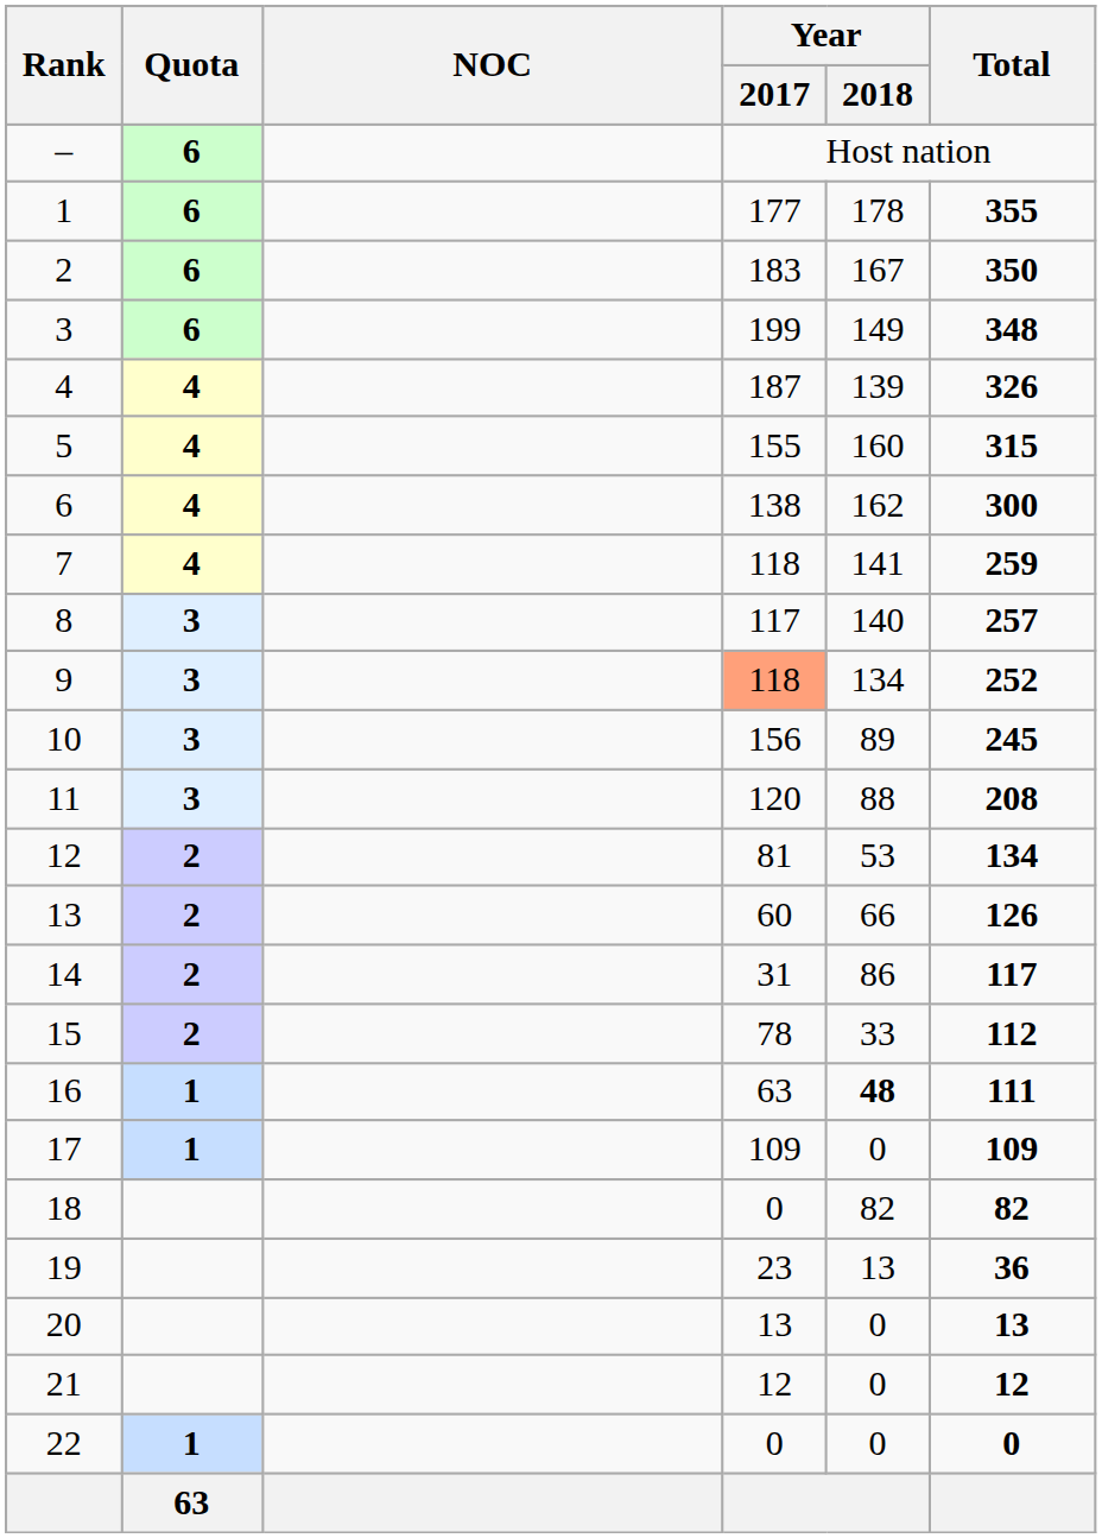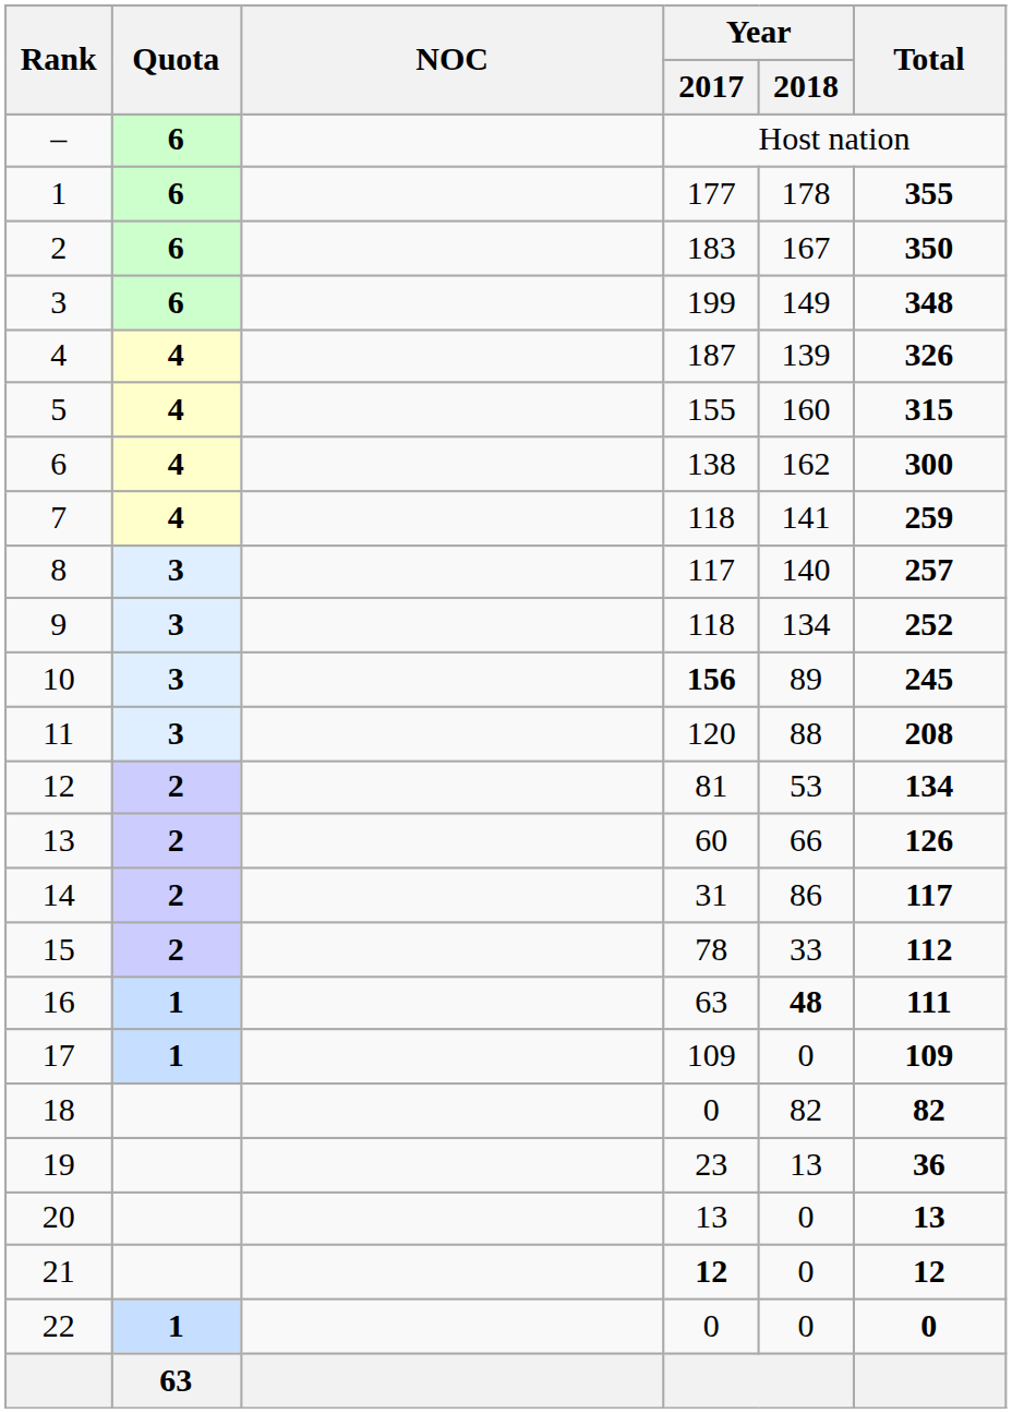 <table class="wikitable" style="text-align:center; font-size:90%">
 <tr>
 <th rowspan=2 width=40>Rank</th>
 <th rowspan=2 width=50>Quota</th>
 <th rowspan=2 width=180>NOC</th>
 <th colspan=2>Year</th>
 <th rowspan=2 width=60>Total</th>
 </tr>
 <tr>
 <th width=35>2017</th>
 <th width=35>2018</th>
 </tr>
 <tr>
 <td>–</td>
 <td bgcolor=#ccffcc><strong>6</strong></td>
 <td align=left></td>
 <td Colspan="3">Host nation</td>
 </tr>
 <tr>
 <td>1</td>
 <td bgcolor=#ccffcc><strong>6</strong></td>
 <td align=left></td>
 <td>177</td>
 <td>178</td>
 <td><strong>355</strong></td>
 </tr>
 <tr>
 <td>2</td>
 <td bgcolor=#ccffcc><strong>6</strong></td>
 <td align=left></td>
 <td>183</td>
 <td>167</td>
 <td><strong>350</strong></td>
 </tr>
 <tr>
 <td>3</td>
 <td bgcolor=#ccffcc><strong>6</strong></td>
 <td align=left></td>
 <td>199</td>
 <td>149</td>
 <td><strong>348</strong></td>
 </tr>
 <tr>
 <td>4</td>
 <td bgcolor=#ffffcc><strong>4</strong></td>
 <td align=left></td>
 <td>187</td>
 <td>139</td>
 <td><strong>326</strong></td>
 </tr>
 <tr>
 <td>5</td>
 <td bgcolor=#ffffcc><strong>4</strong></td>
 <td align=left></td>
 <td>155</td>
 <td>160</td>
 <td><strong>315</strong></td>
 </tr>
 <tr>
 <td>6</td>
 <td bgcolor=#ffffcc><strong>4</strong></td>
 <td align=left></td>
 <td>138</td>
 <td>162</td>
 <td><strong>300</strong></td>
 </tr>
 <tr>
 <td>7</td>
 <td bgcolor=#ffffcc><strong>4</strong></td>
 <td align=left></td>
 <td>118</td>
 <td>141</td>
 <td><strong>259</strong></td>
 </tr>
 <tr>
 <td>8</td>
 <td bgcolor=#dfefff><strong>3</strong></td>
 <td align=left></td>
 <td>117</td>
 <td>140</td>
 <td><strong>257</strong></td>
 </tr>
 <tr>
 <td>9</td>
 <td bgcolor=#dfefff><strong>3</strong></td>
 <td align=left></td>
-<td style="background: lightsalmon;">118</td>
+<td>118</td>
 <td>134</td>
 <td><strong>252</strong></td>
 </tr>
 <tr>
 <td>10</td>
 <td bgcolor=#dfefff><strong>3</strong></td>
 <td align=left></td>
-<td>156</td>
+<td><strong>156</strong></td>
 <td>89</td>
 <td><strong>245</strong></td>
 </tr>
 <tr>
 <td>11</td>
 <td bgcolor=#dfefff><strong>3</strong></td>
 <td align=left></td>
 <td>120</td>
 <td>88</td>
 <td><strong>208</strong></td>
 </tr>
 <tr>
 <td>12</td>
 <td bgcolor=#ccccff><strong>2</strong></td>
 <td align=left></td>
 <td>81</td>
 <td>53</td>
 <td><strong>134</strong></td>
 </tr>
 <tr>
 <td>13</td>
 <td bgcolor=#ccccff><strong>2</strong></td>
 <td align=left></td>
 <td>60</td>
 <td>66</td>
 <td><strong>126</strong></td>
 </tr>
 <tr>
 <td>14</td>
 <td bgcolor=#ccccff><strong>2</strong></td>
 <td align=left></td>
 <td>31</td>
 <td>86</td>
 <td><strong>117</strong></td>
 </tr>
 <tr>
 <td>15</td>
 <td bgcolor=#ccccff><strong>2</strong></td>
 <td align=left></td>
 <td>78</td>
 <td>33</td>
 <td><strong>112</strong></td>
 </tr>
 <tr>
 <td>16</td>
 <td bgcolor=#C6DEFF><strong>1</strong></td>
 <td align=left></td>
 <td>63</td>
 <td><strong>48</strong></td>
 <td><strong>111</strong></td>
 </tr>
 <tr>
 <td>17</td>
 <td bgcolor=#C6DEFF><strong>1</strong></td>
 <td align=left></td>
 <td>109</td>
 <td>0</td>
 <td><strong>109</strong></td>
 </tr>
 <tr>
 <td>18</td>
 <td></td>
 <td align=left></td>
 <td>0</td>
 <td>82</td>
 <td><strong>82</strong></td>
 </tr>
 <tr>
 <td>19</td>
 <td></td>
 <td align=left></td>
 <td>23</td>
 <td>13</td>
 <td><strong>36</strong></td>
 </tr>
 <tr>
 <td>20</td>
 <td></td>
 <td align=left></td>
 <td>13</td>
 <td>0</td>
 <td><strong>13</strong></td>
 </tr>
 <tr>
 <td>21</td>
 <td></td>
 <td align=left></td>
-<td>12</td>
+<td><strong>12</strong></td>
 <td>0</td>
 <td><strong>12</strong></td>
 </tr>
 <tr>
 <td>22</td>
 <td bgcolor=#C6DEFF><strong>1</strong></td>
 <td align=left></td>
 <td>0</td>
 <td>0</td>
 <td><strong>0</strong></td>
 </tr>
 <tr>
 <th rowspan=2 width=40></th>
 <th rowspan=2 width=50>63</th>
 <th rowspan=2 width=180></th>
 <th colspan=2></th>
 <th rowspan=2 width=60></th>
 </tr>
 </table>
